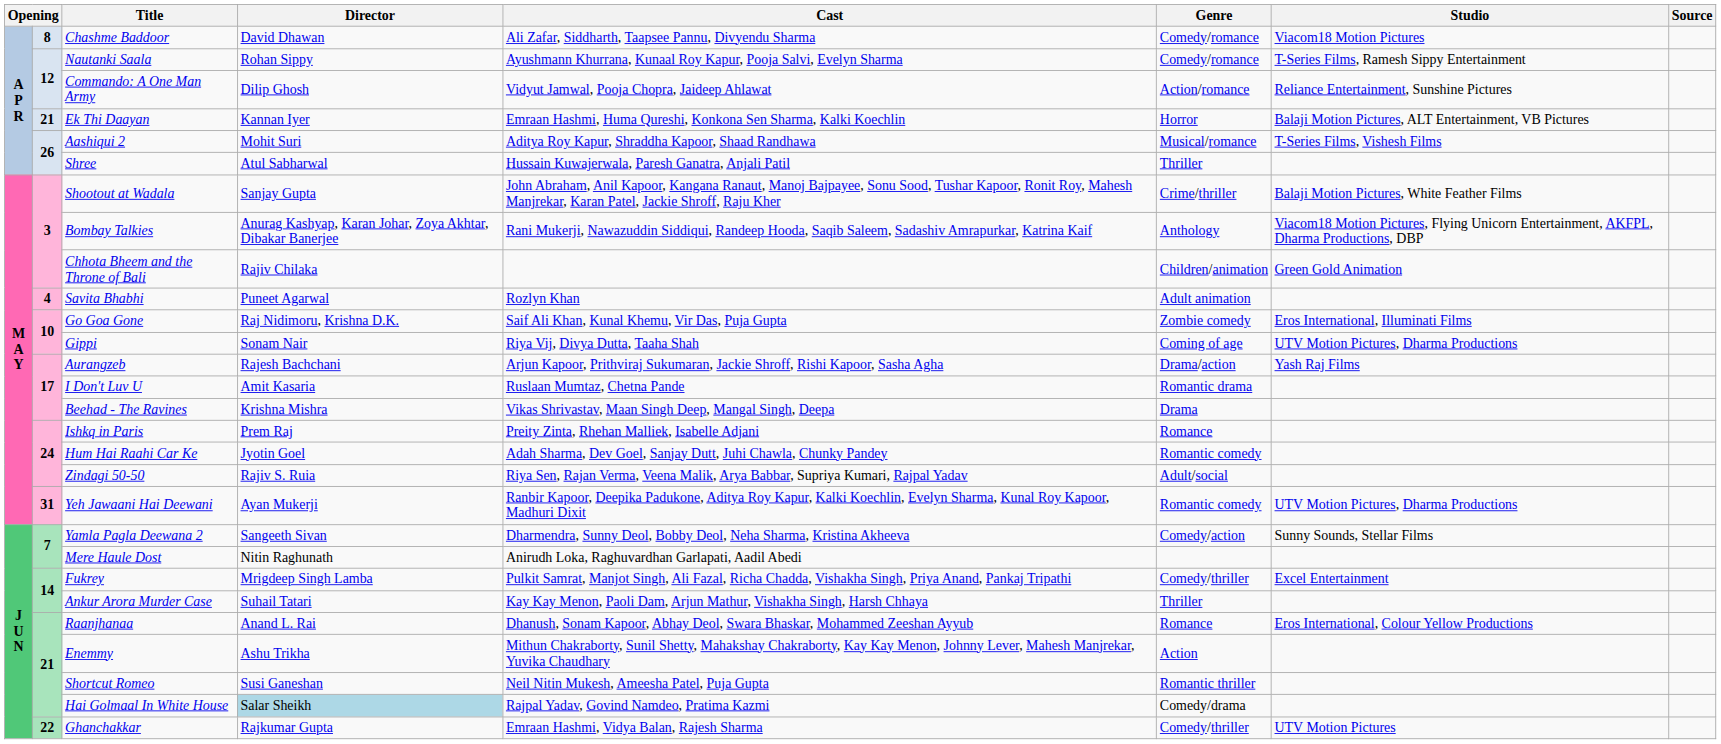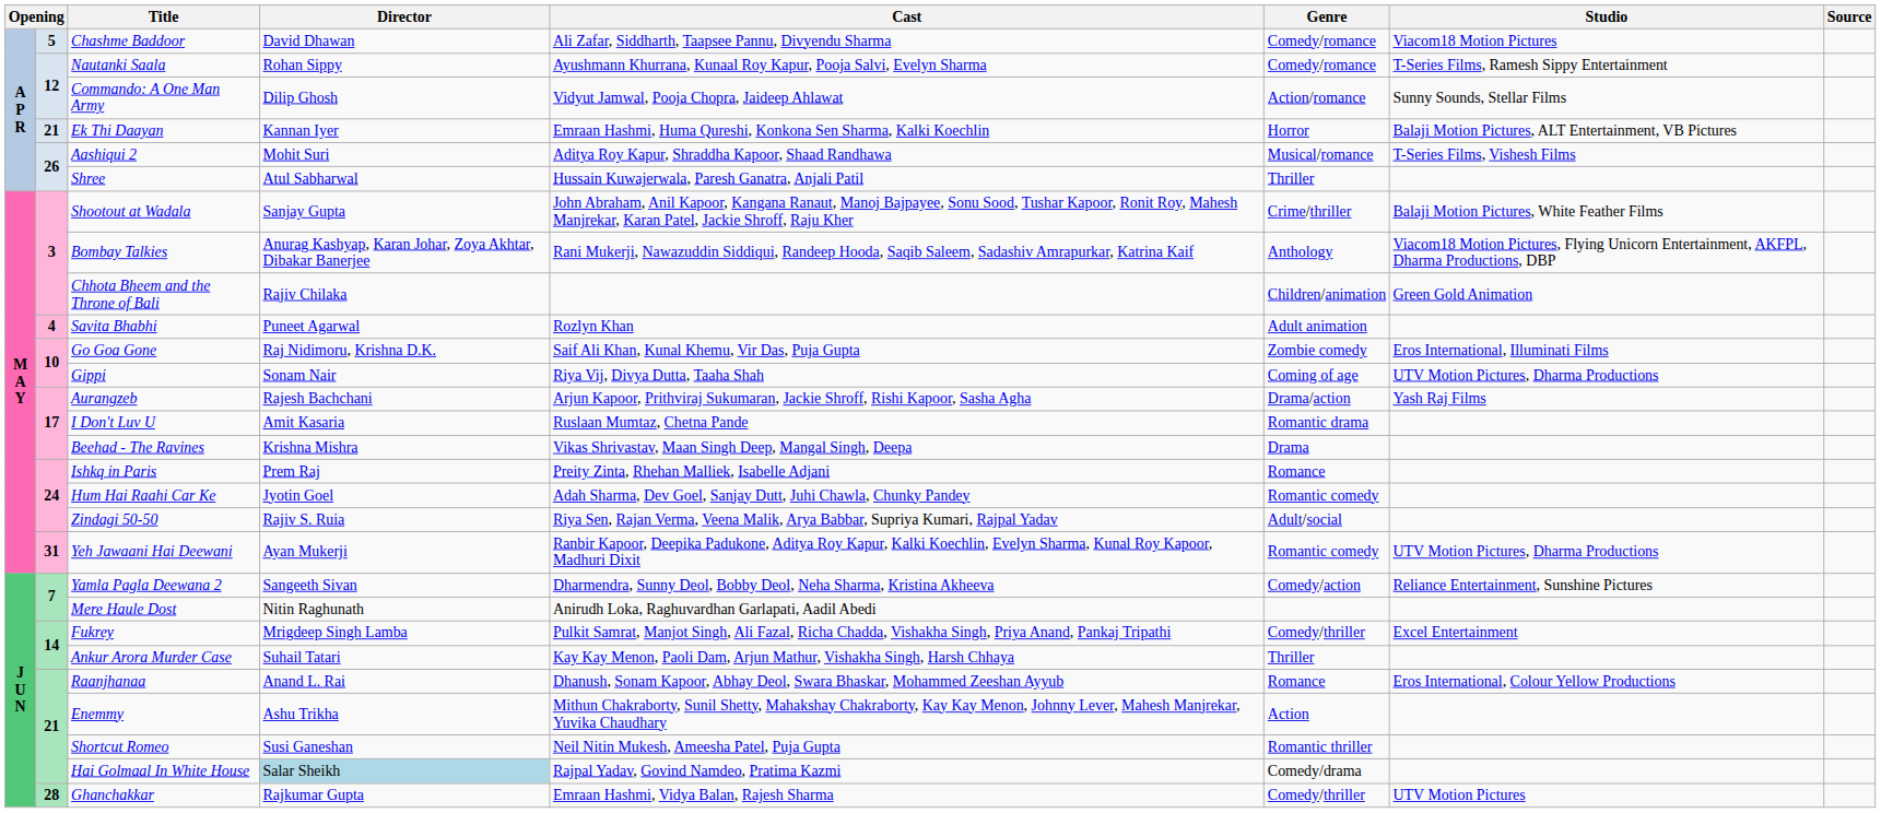 <table class="wikitable sortable">
 <tr>
 <th colspan="2">Opening</th>
 <th>Title</th>
 <th>Director</th>
 <th>Cast</th>
 <th>Genre</th>
 <th>Studio</th>
 <th>Source</th>
 </tr>
 <tr>
 <td rowspan="6" style="text-align:center; background:#b4cae3;"><strong>A<br>P<br>R</strong></td>
-<td rowspan="1" style="text-align:center; background:#d9e4f1; textcolor:#000;"><strong>8</strong></td>
+<td rowspan="1" style="text-align:center; background:#d9e4f1; textcolor:#000;"><strong>5</strong></td>
 <td><em><a href='#'>Chashme Baddoor</a></em></td>
 <td><a href='#'>David Dhawan</a></td>
 <td><a href='#'>Ali Zafar</a>, <a href='#'>Siddharth</a>, <a href='#'>Taapsee Pannu</a>, <a href='#'>Divyendu Sharma</a></td>
 <td><a href='#'>Comedy</a>/<a href='#'>romance</a></td>
 <td><a href='#'>Viacom18 Motion Pictures</a></td>
 <td style="text-align:center;"></td>
 </tr>
 <tr>
 <td rowspan="2" style="text-align:center; textcolor:#000; background:#d9e4f1;"><strong>12</strong></td>
 <td><em><a href='#'>Nautanki Saala</a></em></td>
 <td><a href='#'>Rohan Sippy</a></td>
 <td><a href='#'>Ayushmann Khurrana</a>, <a href='#'>Kunaal Roy Kapur</a>, <a href='#'>Pooja Salvi</a>, <a href='#'>Evelyn Sharma</a></td>
 <td><a href='#'>Comedy</a>/<a href='#'>romance</a></td>
 <td><a href='#'>T-Series Films</a>, Ramesh Sippy Entertainment</td>
 <td style="text-align:center;"></td>
 </tr>
 <tr>
 <td><em><a href='#'>Commando: A One Man Army</a></em></td>
 <td><a href='#'>Dilip Ghosh</a></td>
 <td><a href='#'>Vidyut Jamwal</a>, <a href='#'>Pooja Chopra</a>, <a href='#'>Jaideep Ahlawat</a></td>
 <td><a href='#'>Action</a>/<a href='#'>romance</a></td>
-<td><a href='#'>Reliance Entertainment</a>, Sunshine Pictures</td>
+<td>Sunny Sounds, Stellar Films</td>
 <td style="text-align:center;"></td>
 </tr>
 <tr>
 <td style="text-align:center; textcolor:#000; background:#d9e4f1;"><strong>21</strong></td>
 <td><em><a href='#'>Ek Thi Daayan</a></em></td>
 <td><a href='#'>Kannan Iyer</a></td>
 <td><a href='#'>Emraan Hashmi</a>, <a href='#'>Huma Qureshi</a>, <a href='#'>Konkona Sen Sharma</a>, <a href='#'>Kalki Koechlin</a></td>
 <td><a href='#'>Horror</a></td>
 <td><a href='#'>Balaji Motion Pictures</a>, ALT Entertainment, VB Pictures</td>
 <td style="text-align:center;"></td>
 </tr>
 <tr>
 <td rowspan="2" style="text-align:center; textcolor:#000; background:#d9e4f1;"><strong>26</strong></td>
 <td><em><a href='#'>Aashiqui 2</a></em></td>
 <td><a href='#'>Mohit Suri</a></td>
 <td><a href='#'>Aditya Roy Kapur</a>, <a href='#'>Shraddha Kapoor</a>, <a href='#'>Shaad Randhawa</a></td>
 <td><a href='#'>Musical</a>/<a href='#'>romance</a></td>
 <td><a href='#'>T-Series Films</a>, <a href='#'>Vishesh Films</a></td>
 <td style="text-align:center;"></td>
 </tr>
 <tr>
 <td><em><a href='#'>Shree</a></em></td>
 <td><a href='#'>Atul Sabharwal</a></td>
 <td><a href='#'>Hussain Kuwajerwala</a>, <a href='#'>Paresh Ganatra</a>, <a href='#'>Anjali Patil</a></td>
 <td><a href='#'>Thriller</a></td>
 <td></td>
 <td style="text-align:center;"></td>
 </tr>
 <tr>
 <td rowspan="13" style="text-align:center; background:hotPink;"><strong>M<br>A<br>Y</strong></td>
 <td rowspan="3" style="text-align:center; textcolor:#000; background:#ffb5da;"><strong>3</strong></td>
 <td><em><a href='#'>Shootout at Wadala</a></em></td>
 <td><a href='#'>Sanjay Gupta</a></td>
 <td><a href='#'>John Abraham</a>, <a href='#'>Anil Kapoor</a>, <a href='#'>Kangana Ranaut</a>, <a href='#'>Manoj Bajpayee</a>, <a href='#'>Sonu Sood</a>, <a href='#'>Tushar Kapoor</a>, <a href='#'>Ronit Roy</a>, <a href='#'>Mahesh Manjrekar</a>, <a href='#'>Karan Patel</a>, <a href='#'>Jackie Shroff</a>, <a href='#'>Raju Kher</a></td>
 <td><a href='#'>Crime</a>/<a href='#'>thriller</a></td>
 <td><a href='#'>Balaji Motion Pictures</a>, White Feather Films</td>
 <td style="text-align:center;"></td>
 </tr>
 <tr>
 <td><em><a href='#'>Bombay Talkies</a></em></td>
 <td><a href='#'>Anurag Kashyap</a>, <a href='#'>Karan Johar</a>, <a href='#'>Zoya Akhtar</a>, <a href='#'>Dibakar Banerjee</a></td>
 <td><a href='#'>Rani Mukerji</a>, <a href='#'>Nawazuddin Siddiqui</a>, <a href='#'>Randeep Hooda</a>, <a href='#'>Saqib Saleem</a>, <a href='#'>Sadashiv Amrapurkar</a>, <a href='#'>Katrina Kaif</a></td>
 <td><a href='#'>Anthology</a></td>
 <td><a href='#'>Viacom18 Motion Pictures</a>, Flying Unicorn Entertainment, <a href='#'>AKFPL</a>, <a href='#'>Dharma Productions</a>, DBP</td>
 <td style="text-align:center;"></td>
 </tr>
 <tr>
 <td><em><a href='#'>Chhota Bheem and the Throne of Bali</a></em></td>
 <td><a href='#'>Rajiv Chilaka</a></td>
 <td></td>
 <td><a href='#'>Children</a>/<a href='#'>animation</a></td>
 <td><a href='#'>Green Gold Animation</a></td>
 <td style="text-align:center;"></td>
 </tr>
 <tr>
 <td style="text-align:center; textcolor:#000; background:#ffb5da;"><strong>4</strong></td>
 <td><em><a href='#'>Savita Bhabhi</a></em></td>
 <td><a href='#'>Puneet Agarwal</a></td>
 <td><a href='#'>Rozlyn Khan</a></td>
 <td><a href='#'>Adult animation</a></td>
 <td></td>
 <td style="text-align:center;"></td>
 </tr>
 <tr>
 <td rowspan="2" style="text-align:center; textcolor:#000; background:#ffb5da;"><strong>10</strong></td>
 <td><em><a href='#'>Go Goa Gone</a></em></td>
 <td><a href='#'>Raj Nidimoru</a>, <a href='#'>Krishna D.K.</a></td>
 <td><a href='#'>Saif Ali Khan</a>, <a href='#'>Kunal Khemu</a>, <a href='#'>Vir Das</a>, <a href='#'>Puja Gupta</a></td>
 <td><a href='#'>Zombie comedy</a></td>
 <td><a href='#'>Eros International</a>, <a href='#'>Illuminati Films</a></td>
 <td style="text-align:center;"></td>
 </tr>
 <tr>
 <td><em><a href='#'>Gippi</a></em></td>
 <td><a href='#'>Sonam Nair</a></td>
 <td><a href='#'>Riya Vij</a>, <a href='#'>Divya Dutta</a>, <a href='#'>Taaha Shah</a></td>
 <td><a href='#'>Coming of age</a></td>
 <td><a href='#'>UTV Motion Pictures</a>, <a href='#'>Dharma Productions</a></td>
 <td style="text-align:center;"></td>
 </tr>
 <tr>
 <td rowspan="3" style="text-align:center; textcolor:#000; background:#ffb5da;"><strong>17</strong></td>
 <td><em><a href='#'>Aurangzeb</a></em></td>
 <td><a href='#'>Rajesh Bachchani</a></td>
 <td><a href='#'>Arjun Kapoor</a>, <a href='#'>Prithviraj Sukumaran</a>, <a href='#'>Jackie Shroff</a>, <a href='#'>Rishi Kapoor</a>, <a href='#'>Sasha Agha</a></td>
 <td><a href='#'>Drama</a>/<a href='#'>action</a></td>
 <td><a href='#'>Yash Raj Films</a></td>
 <td style="text-align:center;"></td>
 </tr>
 <tr>
 <td><em><a href='#'>I Don't Luv U</a></em></td>
 <td><a href='#'>Amit Kasaria</a></td>
 <td><a href='#'>Ruslaan Mumtaz</a>, <a href='#'>Chetna Pande</a></td>
 <td><a href='#'>Romantic drama</a></td>
 <td></td>
 <td style="text-align:center;"></td>
 </tr>
 <tr>
 <td><em><a href='#'>Beehad - The Ravines</a></em></td>
 <td><a href='#'>Krishna Mishra</a></td>
 <td><a href='#'>Vikas Shrivastav</a>, <a href='#'>Maan Singh Deep</a>, <a href='#'>Mangal Singh</a>, <a href='#'>Deepa</a></td>
 <td><a href='#'>Drama</a></td>
 <td></td>
 <td style="text-align:center;"></td>
 </tr>
 <tr>
 <td rowspan="3" style="text-align:center; textcolor:#000; background:#ffb5da;"><strong>24</strong></td>
 <td><em><a href='#'>Ishkq in Paris</a></em></td>
 <td><a href='#'>Prem Raj</a></td>
 <td><a href='#'>Preity Zinta</a>, <a href='#'>Rhehan Malliek</a>, <a href='#'>Isabelle Adjani</a></td>
 <td><a href='#'>Romance</a></td>
 <td></td>
 <td style="text-align:center;"></td>
 </tr>
 <tr>
 <td><em><a href='#'>Hum Hai Raahi Car Ke</a></em></td>
 <td><a href='#'>Jyotin Goel</a></td>
 <td><a href='#'>Adah Sharma</a>, <a href='#'>Dev Goel</a>, <a href='#'>Sanjay Dutt</a>, <a href='#'>Juhi Chawla</a>, <a href='#'>Chunky Pandey</a></td>
 <td><a href='#'>Romantic comedy</a></td>
 <td></td>
 <td style="text-align:center;"></td>
 </tr>
 <tr>
 <td><em><a href='#'>Zindagi 50-50</a></em></td>
 <td><a href='#'>Rajiv S. Ruia</a></td>
 <td><a href='#'>Riya Sen</a>, <a href='#'>Rajan Verma</a>, <a href='#'>Veena Malik</a>, <a href='#'>Arya Babbar</a>, Supriya Kumari, <a href='#'>Rajpal Yadav</a></td>
 <td><a href='#'>Adult</a>/<a href='#'>social</a></td>
 <td></td>
 <td style="text-align:center;"></td>
 </tr>
 <tr>
 <td style="text-align:center; textcolor:#000; background:#ffb5da;"><strong>31</strong></td>
 <td><em><a href='#'>Yeh Jawaani Hai Deewani</a></em></td>
 <td><a href='#'>Ayan Mukerji</a></td>
 <td><a href='#'>Ranbir Kapoor</a>, <a href='#'>Deepika Padukone</a>, <a href='#'>Aditya Roy Kapur</a>, <a href='#'>Kalki Koechlin</a>, <a href='#'>Evelyn Sharma</a>, <a href='#'>Kunal Roy Kapoor</a>, <a href='#'>Madhuri Dixit</a></td>
 <td><a href='#'>Romantic comedy</a></td>
 <td><a href='#'>UTV Motion Pictures</a>, <a href='#'>Dharma Productions</a></td>
 <td style="text-align:center;"></td>
 </tr>
 <tr>
 <td rowspan="9" style="text-align:center; background:#50c878;"><strong>J<br>U<br>N</strong></td>
 <td rowspan="2" style="text-align:center; textcolor:#000; background:#a8e4bc;"><strong>7</strong></td>
 <td><em><a href='#'>Yamla Pagla Deewana 2</a></em></td>
 <td><a href='#'>Sangeeth Sivan</a></td>
 <td><a href='#'>Dharmendra</a>, <a href='#'>Sunny Deol</a>, <a href='#'>Bobby Deol</a>, <a href='#'>Neha Sharma</a>, <a href='#'>Kristina Akheeva</a></td>
 <td><a href='#'>Comedy</a>/<a href='#'>action</a></td>
-<td>Sunny Sounds, Stellar Films</td>
+<td><a href='#'>Reliance Entertainment</a>, Sunshine Pictures</td>
 <td style="text-align:center;"></td>
 </tr>
 <tr>
 <td><em><a href='#'>Mere Haule Dost</a></em></td>
 <td>Nitin Raghunath</td>
 <td>Anirudh Loka, Raghuvardhan Garlapati, Aadil Abedi</td>
 <td></td>
 <td></td>
 <td style="text-align:center;"></td>
 </tr>
 <tr>
 <td rowspan="2" style="text-align:center; textcolor:#000; background:#a8e4bc;"><strong>14</strong></td>
 <td><em><a href='#'>Fukrey</a></em></td>
 <td><a href='#'>Mrigdeep Singh Lamba</a></td>
 <td><a href='#'>Pulkit Samrat</a>, <a href='#'>Manjot Singh</a>, <a href='#'>Ali Fazal</a>, <a href='#'>Richa Chadda</a>, <a href='#'>Vishakha Singh</a>, <a href='#'>Priya Anand</a>, <a href='#'>Pankaj Tripathi</a></td>
 <td><a href='#'>Comedy</a>/<a href='#'>thriller</a></td>
 <td><a href='#'>Excel Entertainment</a></td>
 <td style="text-align:center;"></td>
 </tr>
 <tr>
 <td><em><a href='#'>Ankur Arora Murder Case</a></em></td>
 <td><a href='#'>Suhail Tatari</a></td>
 <td><a href='#'>Kay Kay Menon</a>, <a href='#'>Paoli Dam</a>, <a href='#'>Arjun Mathur</a>, <a href='#'>Vishakha Singh</a>, <a href='#'>Harsh Chhaya</a></td>
 <td><a href='#'>Thriller</a></td>
 <td></td>
 <td style="text-align:center;"></td>
 </tr>
 <tr>
 <td rowspan="4" style="text-align:center; textcolor:#000; background:#a8e4bc;"><strong>21</strong></td>
 <td><em><a href='#'>Raanjhanaa</a></em></td>
 <td><a href='#'>Anand L. Rai</a></td>
 <td><a href='#'>Dhanush</a>, <a href='#'>Sonam Kapoor</a>, <a href='#'>Abhay Deol</a>, <a href='#'>Swara Bhaskar</a>, <a href='#'>Mohammed Zeeshan Ayyub</a></td>
 <td><a href='#'>Romance</a></td>
 <td><a href='#'>Eros International</a>, <a href='#'>Colour Yellow Productions</a></td>
 <td style="text-align:center;"></td>
 </tr>
 <tr>
 <td><em><a href='#'>Enemmy</a></em></td>
 <td><a href='#'>Ashu Trikha</a></td>
 <td><a href='#'>Mithun Chakraborty</a>, <a href='#'>Sunil Shetty</a>, <a href='#'>Mahakshay Chakraborty</a>, <a href='#'>Kay Kay Menon</a>, <a href='#'>Johnny Lever</a>, <a href='#'>Mahesh Manjrekar</a>, <a href='#'>Yuvika Chaudhary</a></td>
 <td><a href='#'>Action</a></td>
 <td></td>
 <td style="text-align:center;"></td>
 </tr>
 <tr>
 <td><em><a href='#'>Shortcut Romeo</a></em></td>
 <td><a href='#'>Susi Ganeshan</a></td>
 <td><a href='#'>Neil Nitin Mukesh</a>, <a href='#'>Ameesha Patel</a>, <a href='#'>Puja Gupta</a></td>
 <td><a href='#'>Romantic thriller</a></td>
 <td></td>
 <td style="text-align:center;"></td>
 </tr>
 <tr>
 <td><em><a href='#'>Hai Golmaal In White House</a></em></td>
 <td style="background: lightblue;">Salar Sheikh</td>
 <td><a href='#'>Rajpal Yadav</a>, <a href='#'>Govind Namdeo</a>, <a href='#'>Pratima Kazmi</a></td>
 <td>Comedy/drama</td>
 <td></td>
 <td style="text-align:center;"></td>
 </tr>
 <tr>
-<td style="text-align:center; textcolor:#000; background:#a8e4bc;"><strong>22</strong></td>
+<td style="text-align:center; textcolor:#000; background:#a8e4bc;"><strong>28</strong></td>
 <td><em><a href='#'>Ghanchakkar</a></em></td>
 <td><a href='#'>Rajkumar Gupta</a></td>
 <td><a href='#'>Emraan Hashmi</a>, <a href='#'>Vidya Balan</a>, <a href='#'>Rajesh Sharma</a></td>
 <td><a href='#'>Comedy</a>/<a href='#'>thriller</a></td>
 <td><a href='#'>UTV Motion Pictures</a></td>
 <td style="text-align:center;"></td>
 </tr>
 </table>
